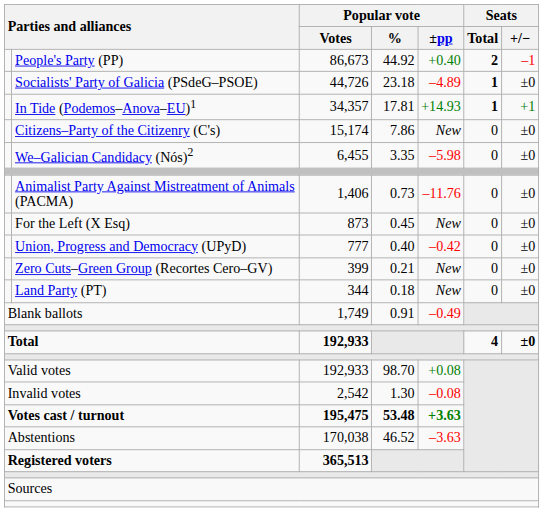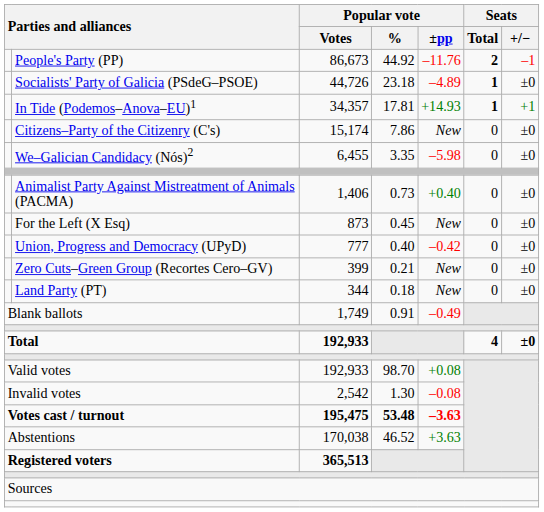 <table class="wikitable" style="text-align:right;">
 <tr>
 <th style="text-align:left;" rowspan="2" colspan="2" width="525">Parties and alliances</th>
 <th colspan="3">Popular vote</th>
 <th colspan="2">Seats</th>
 </tr>
 <tr>
 <th width="75">Votes</th>
 <th width="45">%</th>
 <th width="45">±<a href='#'>pp</a></th>
 <th width="35">Total</th>
 <th width="35">+/−</th>
 </tr>
 <tr>
 <td width="1" style="color:inherit;background:"></td>
 <td align="left"><a href='#'>People's Party</a> (PP)</td>
 <td>86,673</td>
 <td>44.92</td>
-<td style="color:green;">+0.40</td>
+<td style="color:red;">–11.76</td>
 <td><strong>2</strong></td>
 <td style="color:red;">–1</td>
 </tr>
 <tr>
 <td style="color:inherit;background:"></td>
 <td align="left"><a href='#'>Socialists' Party of Galicia</a> (PSdeG–PSOE)</td>
 <td>44,726</td>
 <td>23.18</td>
 <td style="color:red;">–4.89</td>
 <td><strong>1</strong></td>
 <td>±0</td>
 </tr>
 <tr>
 <td style="color:inherit;background:"></td>
 <td align="left"><a href='#'>In Tide</a> (<a href='#'>Podemos</a>–<a href='#'>Anova</a>–<a href='#'>EU</a>)<sup>1</sup></td>
 <td>34,357</td>
 <td>17.81</td>
 <td style="color:green;">+14.93</td>
 <td><strong>1</strong></td>
 <td style="color:green;">+1</td>
 </tr>
 <tr>
 <td style="color:inherit;background:"></td>
 <td align="left"><a href='#'>Citizens–Party of the Citizenry</a> (C's)</td>
 <td>15,174</td>
 <td>7.86</td>
 <td><em>New</em></td>
 <td>0</td>
 <td>±0</td>
 </tr>
 <tr>
 <td style="color:inherit;background:"></td>
 <td align="left"><a href='#'>We–Galician Candidacy</a> (Nós)<sup>2</sup></td>
 <td>6,455</td>
 <td>3.35</td>
 <td style="color:red;">–5.98</td>
 <td>0</td>
 <td>±0</td>
 </tr>
 <tr>
 <td colspan="7" bgcolor="#C0C0C0"></td>
 </tr>
 <tr>
 <td style="color:inherit;background:"></td>
 <td align="left"><a href='#'>Animalist Party Against Mistreatment of Animals</a> (PACMA)</td>
 <td>1,406</td>
 <td>0.73</td>
-<td style="color:red;">–11.76</td>
+<td style="color:green;">+0.40</td>
 <td>0</td>
 <td>±0</td>
 </tr>
 <tr>
 <td style="color:inherit;background:"></td>
 <td align="left">For the Left (X Esq)</td>
 <td>873</td>
 <td>0.45</td>
 <td><em>New</em></td>
 <td>0</td>
 <td>±0</td>
 </tr>
 <tr>
 <td style="color:inherit;background:"></td>
 <td align="left"><a href='#'>Union, Progress and Democracy</a> (UPyD)</td>
 <td>777</td>
 <td>0.40</td>
 <td style="color:red;">–0.42</td>
 <td>0</td>
 <td>±0</td>
 </tr>
 <tr>
 <td style="color:inherit;background:"></td>
 <td align="left"><a href='#'>Zero Cuts</a>–<a href='#'>Green Group</a> (Recortes Cero–GV)</td>
 <td>399</td>
 <td>0.21</td>
 <td><em>New</em></td>
 <td>0</td>
 <td>±0</td>
 </tr>
 <tr>
 <td style="color:inherit;background:"></td>
 <td align="left"><a href='#'>Land Party</a> (PT)</td>
 <td>344</td>
 <td>0.18</td>
 <td><em>New</em></td>
 <td>0</td>
 <td>±0</td>
 </tr>
 <tr>
 <td align="left" colspan="2">Blank ballots</td>
 <td>1,749</td>
 <td>0.91</td>
 <td style="color:red;">–0.49</td>
 <td bgcolor="#E9E9E9" colspan="2"></td>
 </tr>
 <tr>
 <td colspan="7" bgcolor="#E9E9E9"></td>
 </tr>
 <tr style="font-weight:bold;">
 <td align="left" colspan="2">Total</td>
 <td>192,933</td>
 <td bgcolor="#E9E9E9" colspan="2"></td>
 <td>4</td>
 <td>±0</td>
 </tr>
 <tr>
 <td colspan="7" bgcolor="#E9E9E9"></td>
 </tr>
 <tr>
 <td align="left" colspan="2">Valid votes</td>
 <td>192,933</td>
 <td>98.70</td>
 <td style="color:green;">+0.08</td>
 <td bgcolor="#E9E9E9" colspan="2" rowspan="5"></td>
 </tr>
 <tr>
 <td align="left" colspan="2">Invalid votes</td>
 <td>2,542</td>
 <td>1.30</td>
 <td style="color:red;">–0.08</td>
 </tr>
 <tr style="font-weight:bold;">
 <td align="left" colspan="2">Votes cast / turnout</td>
 <td>195,475</td>
 <td>53.48</td>
-<td style="color:green;">+3.63</td>
+<td style="color:red;">–3.63</td>
 </tr>
 <tr>
 <td align="left" colspan="2">Abstentions</td>
 <td>170,038</td>
 <td>46.52</td>
-<td style="color:red;">–3.63</td>
+<td style="color:green;">+3.63</td>
 </tr>
 <tr style="font-weight:bold;">
 <td align="left" colspan="2">Registered voters</td>
 <td>365,513</td>
 <td bgcolor="#E9E9E9" colspan="2"></td>
 </tr>
 <tr>
 <td colspan="7" bgcolor="#E9E9E9"></td>
 </tr>
 <tr>
 <td align="left" colspan="7">Sources</td>
 </tr>
 <tr>
 <td colspan="7" style="text-align:left; max-width:790px;"></td>
 </tr>
 </table>
